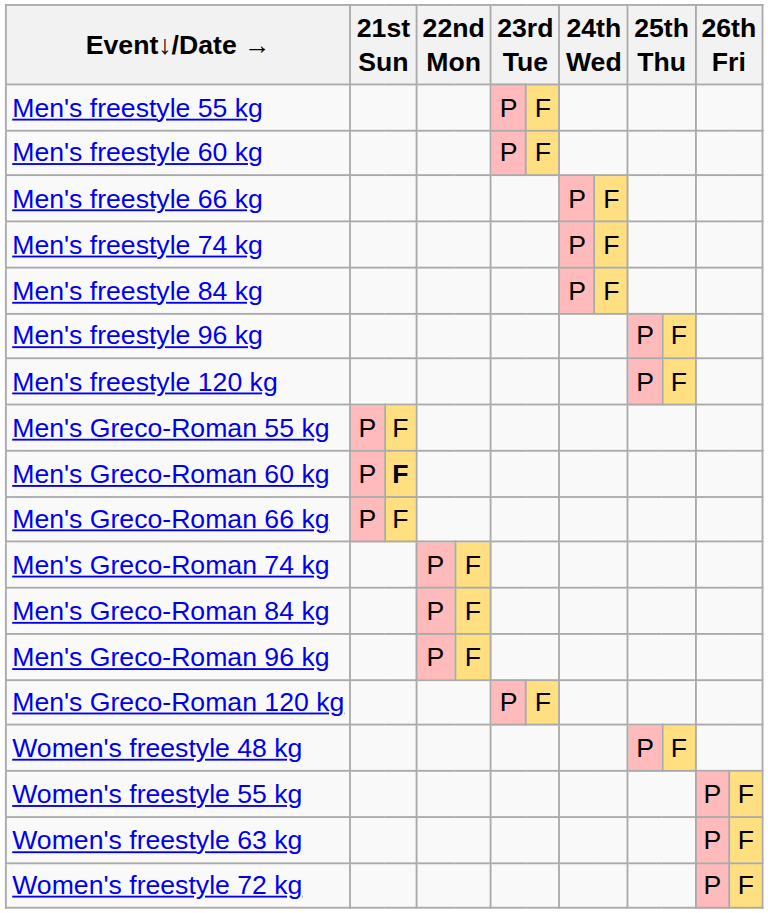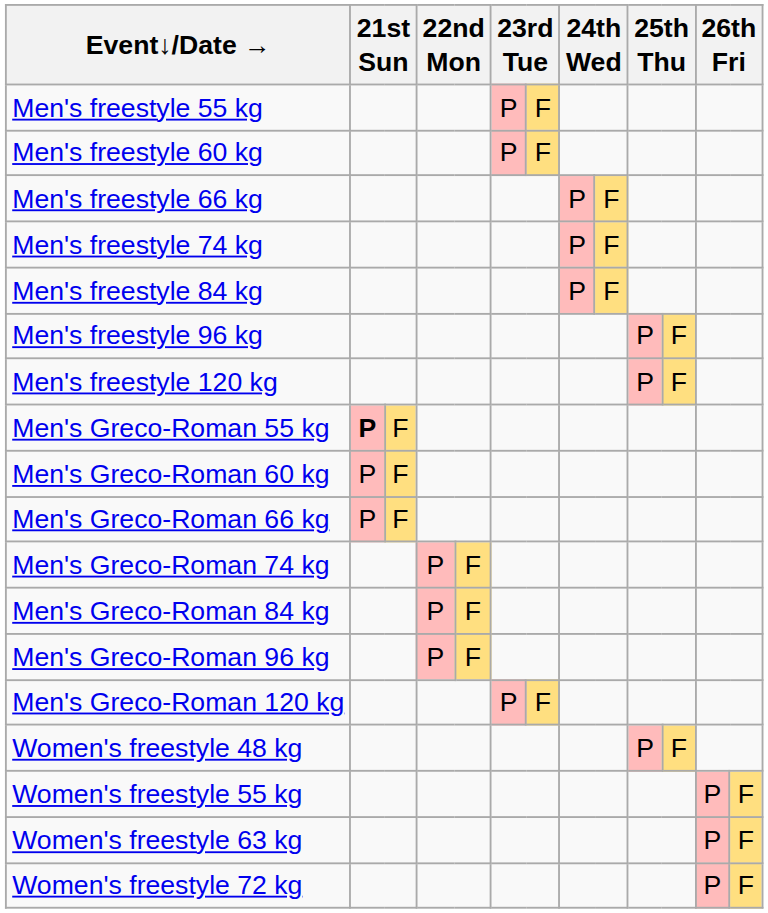 <table class="wikitable" style="margin:0.5em auto; font-size:90%; line-height:1.25em; text-align:center;">
 <tr>
 <th>Event↓/Date →</th>
 <th colspan=2>21st<br>Sun</th>
 <th colspan=2>22nd<br>Mon</th>
 <th colspan=2>23rd<br>Tue</th>
 <th colspan=2>24th<br>Wed</th>
 <th colspan=2>25th<br>Thu</th>
 <th colspan=2>26th<br>Fri</th>
 </tr>
 <tr>
 <td align="left"><a href='#'>Men's freestyle 55 kg</a></td>
 <td colspan=2></td>
 <td colspan=2></td>
 <td bgcolor="#FFBBBB">P</td>
 <td bgcolor="#FFDF80">F</td>
 <td colspan=2></td>
 <td colspan=2></td>
 <td colspan=2></td>
 </tr>
 <tr>
 <td align="left"><a href='#'>Men's freestyle 60 kg</a></td>
 <td colspan=2></td>
 <td colspan=2></td>
 <td bgcolor="#FFBBBB">P</td>
 <td bgcolor="#FFDF80">F</td>
 <td colspan=2></td>
 <td colspan=2></td>
 <td colspan=2></td>
 </tr>
 <tr>
 <td align="left"><a href='#'>Men's freestyle 66 kg</a></td>
 <td colspan=2></td>
 <td colspan=2></td>
 <td colspan=2></td>
 <td bgcolor="#FFBBBB">P</td>
 <td bgcolor="#FFDF80">F</td>
 <td colspan=2></td>
 <td colspan=2></td>
 </tr>
 <tr>
 <td align="left"><a href='#'>Men's freestyle 74 kg</a></td>
 <td colspan=2></td>
 <td colspan=2></td>
 <td colspan=2></td>
 <td bgcolor="#FFBBBB">P</td>
 <td bgcolor="#FFDF80">F</td>
 <td colspan=2></td>
 <td colspan=2></td>
 </tr>
 <tr>
 <td align="left"><a href='#'>Men's freestyle 84 kg</a></td>
 <td colspan=2></td>
 <td colspan=2></td>
 <td colspan=2></td>
 <td bgcolor="#FFBBBB">P</td>
 <td bgcolor="#FFDF80">F</td>
 <td colspan=2></td>
 <td colspan=2></td>
 </tr>
 <tr>
 <td align="left"><a href='#'>Men's freestyle 96 kg</a></td>
 <td colspan=2></td>
 <td colspan=2></td>
 <td colspan=2></td>
 <td colspan=2></td>
 <td bgcolor="#FFBBBB">P</td>
 <td bgcolor="#FFDF80">F</td>
 <td colspan=2></td>
 </tr>
 <tr>
 <td align="left"><a href='#'>Men's freestyle 120 kg</a></td>
 <td colspan=2></td>
 <td colspan=2></td>
 <td colspan=2></td>
 <td colspan=2></td>
 <td bgcolor="#FFBBBB">P</td>
 <td bgcolor="#FFDF80">F</td>
 <td colspan=2></td>
 </tr>
 <tr>
 <td align="left"><a href='#'>Men's Greco-Roman 55 kg</a></td>
-<td bgcolor="#FFBBBB">P</td>
+<td bgcolor="#FFBBBB"><strong>P</strong></td>
 <td bgcolor="#FFDF80">F</td>
 <td colspan=2></td>
 <td colspan=2></td>
 <td colspan=2></td>
 <td colspan=2></td>
 <td colspan=2></td>
 </tr>
 <tr>
 <td align="left"><a href='#'>Men's Greco-Roman 60 kg</a></td>
 <td bgcolor="#FFBBBB">P</td>
-<td bgcolor="#FFDF80"><strong>F</strong></td>
+<td bgcolor="#FFDF80">F</td>
 <td colspan=2></td>
 <td colspan=2></td>
 <td colspan=2></td>
 <td colspan=2></td>
 <td colspan=2></td>
 </tr>
 <tr>
 <td align="left"><a href='#'>Men's Greco-Roman 66 kg</a></td>
 <td bgcolor="#FFBBBB">P</td>
 <td bgcolor="#FFDF80">F</td>
 <td colspan=2></td>
 <td colspan=2></td>
 <td colspan=2></td>
 <td colspan=2></td>
 <td colspan=2></td>
 </tr>
 <tr>
 <td align="left"><a href='#'>Men's Greco-Roman 74 kg</a></td>
 <td colspan=2></td>
 <td bgcolor="#FFBBBB">P</td>
 <td bgcolor="#FFDF80">F</td>
 <td colspan=2></td>
 <td colspan=2></td>
 <td colspan=2></td>
 <td colspan=2></td>
 </tr>
 <tr>
 <td align="left"><a href='#'>Men's Greco-Roman 84 kg</a></td>
 <td colspan=2></td>
 <td bgcolor="#FFBBBB">P</td>
 <td bgcolor="#FFDF80">F</td>
 <td colspan=2></td>
 <td colspan=2></td>
 <td colspan=2></td>
 <td colspan=2></td>
 </tr>
 <tr>
 <td align="left"><a href='#'>Men's Greco-Roman 96 kg</a></td>
 <td colspan=2></td>
 <td bgcolor="#FFBBBB">P</td>
 <td bgcolor="#FFDF80">F</td>
 <td colspan=2></td>
 <td colspan=2></td>
 <td colspan=2></td>
 <td colspan=2></td>
 </tr>
 <tr>
 <td align="left"><a href='#'>Men's Greco-Roman 120 kg</a></td>
 <td colspan=2></td>
 <td colspan=2></td>
 <td bgcolor="#FFBBBB">P</td>
 <td bgcolor="#FFDF80">F</td>
 <td colspan=2></td>
 <td colspan=2></td>
 <td colspan=2></td>
 </tr>
 <tr>
 <td align="left"><a href='#'>Women's freestyle 48 kg</a></td>
 <td colspan=2></td>
 <td colspan=2></td>
 <td colspan=2></td>
 <td colspan=2></td>
 <td bgcolor="#FFBBBB">P</td>
 <td bgcolor="#FFDF80">F</td>
 <td colspan=2></td>
 </tr>
 <tr>
 <td align="left"><a href='#'>Women's freestyle 55 kg</a></td>
 <td colspan=2></td>
 <td colspan=2></td>
 <td colspan=2></td>
 <td colspan=2></td>
 <td colspan=2></td>
 <td bgcolor="#FFBBBB">P</td>
 <td bgcolor="#FFDF80">F</td>
 </tr>
 <tr>
 <td align="left"><a href='#'>Women's freestyle 63 kg</a></td>
 <td colspan=2></td>
 <td colspan=2></td>
 <td colspan=2></td>
 <td colspan=2></td>
 <td colspan=2></td>
 <td bgcolor="#FFBBBB">P</td>
 <td bgcolor="#FFDF80">F</td>
 </tr>
 <tr>
 <td align="left"><a href='#'>Women's freestyle 72 kg</a></td>
 <td colspan=2></td>
 <td colspan=2></td>
 <td colspan=2></td>
 <td colspan=2></td>
 <td colspan=2></td>
 <td bgcolor="#FFBBBB">P</td>
 <td bgcolor="#FFDF80">F</td>
 </tr>
 </table>
